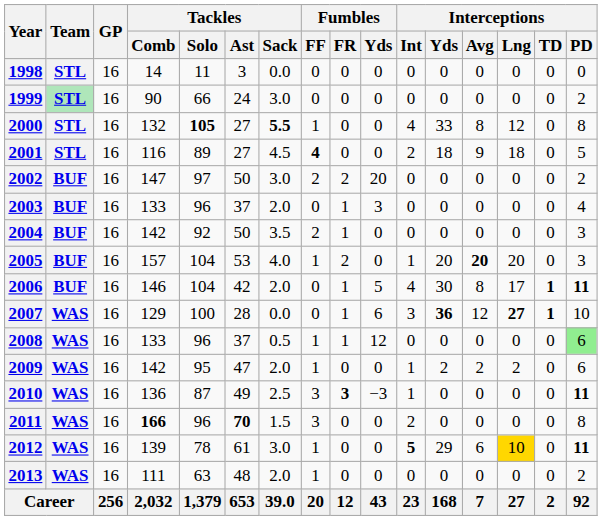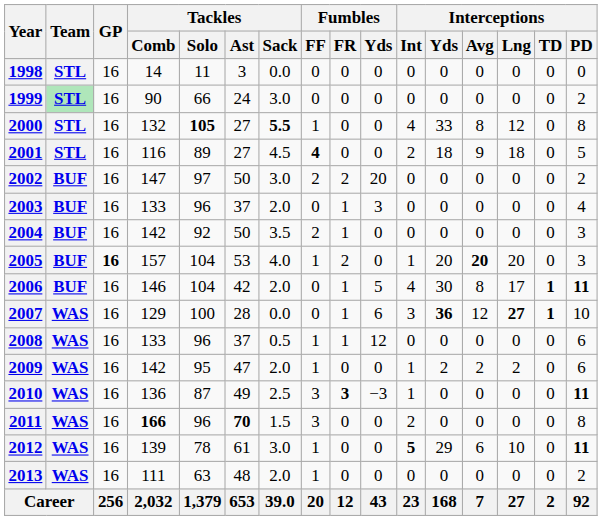 <table class="wikitable" style="text-align:center;">
 <tr>
 <th rowspan="2">Year</th>
 <th rowspan="2">Team</th>
 <th rowspan="2">GP</th>
 <th colspan="4">Tackles</th>
 <th colspan="3">Fumbles</th>
 <th colspan="6">Interceptions</th>
 </tr>
 <tr>
 <th>Comb</th>
 <th>Solo</th>
 <th>Ast</th>
 <th>Sack</th>
 <th>FF</th>
 <th>FR</th>
 <th>Yds</th>
 <th>Int</th>
 <th>Yds</th>
 <th>Avg</th>
 <th>Lng</th>
 <th>TD</th>
 <th>PD</th>
 </tr>
 <tr>
 <th><a href='#'>1998</a></th>
 <th><a href='#'>STL</a></th>
 <td>16</td>
 <td>14</td>
 <td>11</td>
 <td>3</td>
 <td>0.0</td>
 <td>0</td>
 <td>0</td>
 <td>0</td>
 <td>0</td>
 <td>0</td>
 <td>0</td>
 <td>0</td>
 <td>0</td>
 <td>0</td>
 </tr>
 <tr>
 <th><a href='#'>1999</a></th>
 <th style="background:#afe6ba;"><a href='#'>STL</a></th>
 <td>16</td>
 <td>90</td>
 <td>66</td>
 <td>24</td>
 <td>3.0</td>
 <td>0</td>
 <td>0</td>
 <td>0</td>
 <td>0</td>
 <td>0</td>
 <td>0</td>
 <td>0</td>
 <td>0</td>
 <td>2</td>
 </tr>
 <tr>
 <th><a href='#'>2000</a></th>
 <th><a href='#'>STL</a></th>
 <td>16</td>
 <td>132</td>
 <td><strong>105</strong></td>
 <td>27</td>
 <td><strong>5.5</strong></td>
 <td>1</td>
 <td>0</td>
 <td>0</td>
 <td>4</td>
 <td>33</td>
 <td>8</td>
 <td>12</td>
 <td>0</td>
 <td>8</td>
 </tr>
 <tr>
 <th><a href='#'>2001</a></th>
 <th><a href='#'>STL</a></th>
 <td>16</td>
 <td>116</td>
 <td>89</td>
 <td>27</td>
 <td>4.5</td>
 <td><strong>4</strong></td>
 <td>0</td>
 <td>0</td>
 <td>2</td>
 <td>18</td>
 <td>9</td>
 <td>18</td>
 <td>0</td>
 <td>5</td>
 </tr>
 <tr>
 <th><a href='#'>2002</a></th>
 <th><a href='#'>BUF</a></th>
 <td>16</td>
 <td>147</td>
 <td>97</td>
 <td>50</td>
 <td>3.0</td>
 <td>2</td>
 <td>2</td>
 <td>20</td>
 <td>0</td>
 <td>0</td>
 <td>0</td>
 <td>0</td>
 <td>0</td>
 <td>2</td>
 </tr>
 <tr>
 <th><a href='#'>2003</a></th>
 <th><a href='#'>BUF</a></th>
 <td>16</td>
 <td>133</td>
 <td>96</td>
 <td>37</td>
 <td>2.0</td>
 <td>0</td>
 <td>1</td>
 <td>3</td>
 <td>0</td>
 <td>0</td>
 <td>0</td>
 <td>0</td>
 <td>0</td>
 <td>4</td>
 </tr>
 <tr>
 <th><a href='#'>2004</a></th>
 <th><a href='#'>BUF</a></th>
 <td>16</td>
 <td>142</td>
 <td>92</td>
 <td>50</td>
 <td>3.5</td>
 <td>2</td>
 <td>1</td>
 <td>0</td>
 <td>0</td>
 <td>0</td>
 <td>0</td>
 <td>0</td>
 <td>0</td>
 <td>3</td>
 </tr>
 <tr>
 <th><a href='#'>2005</a></th>
 <th><a href='#'>BUF</a></th>
-<td>16</td>
+<td><strong>16</strong></td>
 <td>157</td>
 <td>104</td>
 <td>53</td>
 <td>4.0</td>
 <td>1</td>
 <td>2</td>
 <td>0</td>
 <td>1</td>
 <td>20</td>
 <td><strong>20</strong></td>
 <td>20</td>
 <td>0</td>
 <td>3</td>
 </tr>
 <tr>
 <th><a href='#'>2006</a></th>
 <th><a href='#'>BUF</a></th>
 <td>16</td>
 <td>146</td>
 <td>104</td>
 <td>42</td>
 <td>2.0</td>
 <td>0</td>
 <td>1</td>
 <td>5</td>
 <td>4</td>
 <td>30</td>
 <td>8</td>
 <td>17</td>
 <td><strong>1</strong></td>
 <td><strong>11</strong></td>
 </tr>
 <tr>
 <th><a href='#'>2007</a></th>
 <th><a href='#'>WAS</a></th>
 <td>16</td>
 <td>129</td>
 <td>100</td>
 <td>28</td>
 <td>0.0</td>
 <td>0</td>
 <td>1</td>
 <td>6</td>
 <td>3</td>
 <td><strong>36</strong></td>
 <td>12</td>
 <td><strong>27</strong></td>
 <td><strong>1</strong></td>
 <td>10</td>
 </tr>
 <tr>
 <th><a href='#'>2008</a></th>
 <th><a href='#'>WAS</a></th>
 <td>16</td>
 <td>133</td>
 <td>96</td>
 <td>37</td>
 <td>0.5</td>
 <td>1</td>
 <td>1</td>
 <td>12</td>
 <td>0</td>
 <td>0</td>
 <td>0</td>
 <td>0</td>
 <td>0</td>
-<td style="background: lightgreen;">6</td>
+<td>6</td>
 </tr>
 <tr>
 <th><a href='#'>2009</a></th>
 <th><a href='#'>WAS</a></th>
 <td>16</td>
 <td>142</td>
 <td>95</td>
 <td>47</td>
 <td>2.0</td>
 <td>1</td>
 <td>0</td>
 <td>0</td>
 <td>1</td>
 <td>2</td>
 <td>2</td>
 <td>2</td>
 <td>0</td>
 <td>6</td>
 </tr>
 <tr>
 <th><a href='#'>2010</a></th>
 <th><a href='#'>WAS</a></th>
 <td>16</td>
 <td>136</td>
 <td>87</td>
 <td>49</td>
 <td>2.5</td>
 <td>3</td>
 <td><strong>3</strong></td>
 <td>−3</td>
 <td>1</td>
 <td>0</td>
 <td>0</td>
 <td>0</td>
 <td>0</td>
 <td><strong>11</strong></td>
 </tr>
 <tr>
 <th><a href='#'>2011</a></th>
 <th><a href='#'>WAS</a></th>
 <td>16</td>
 <td><strong>166</strong></td>
 <td>96</td>
 <td><strong>70</strong></td>
 <td>1.5</td>
 <td>3</td>
 <td>0</td>
 <td>0</td>
 <td>2</td>
 <td>0</td>
 <td>0</td>
 <td>0</td>
 <td>0</td>
 <td>8</td>
 </tr>
 <tr>
 <th><a href='#'>2012</a></th>
 <th><a href='#'>WAS</a></th>
 <td>16</td>
 <td>139</td>
 <td>78</td>
 <td>61</td>
 <td>3.0</td>
 <td>1</td>
 <td>0</td>
 <td>0</td>
 <td><strong>5</strong></td>
 <td>29</td>
 <td>6</td>
-<td style="background: gold;">10</td>
+<td>10</td>
 <td>0</td>
 <td><strong>11</strong></td>
 </tr>
 <tr>
 <th><a href='#'>2013</a></th>
 <th><a href='#'>WAS</a></th>
 <td>16</td>
 <td>111</td>
 <td>63</td>
 <td>48</td>
 <td>2.0</td>
 <td>1</td>
 <td>0</td>
 <td>0</td>
 <td>0</td>
 <td>0</td>
 <td>0</td>
 <td>0</td>
 <td>0</td>
 <td>2</td>
 </tr>
 <tr>
 <th colspan="2">Career</th>
 <th>256</th>
 <th>2,032</th>
 <th>1,379</th>
 <th>653</th>
 <th>39.0</th>
 <th>20</th>
 <th>12</th>
 <th>43</th>
 <th>23</th>
 <th>168</th>
 <th>7</th>
 <th>27</th>
 <th>2</th>
 <th>92</th>
 </tr>
 </table>
